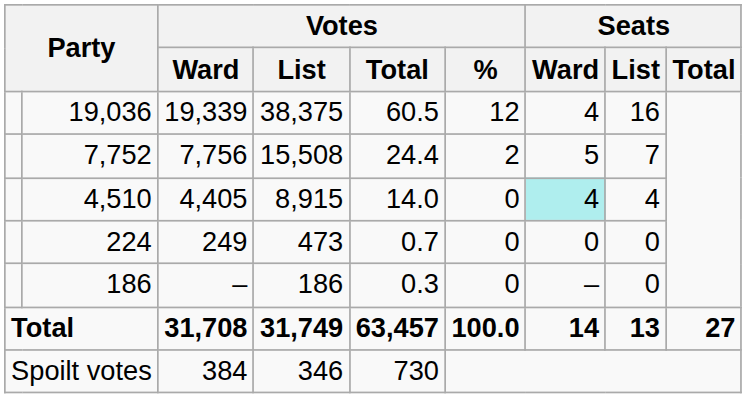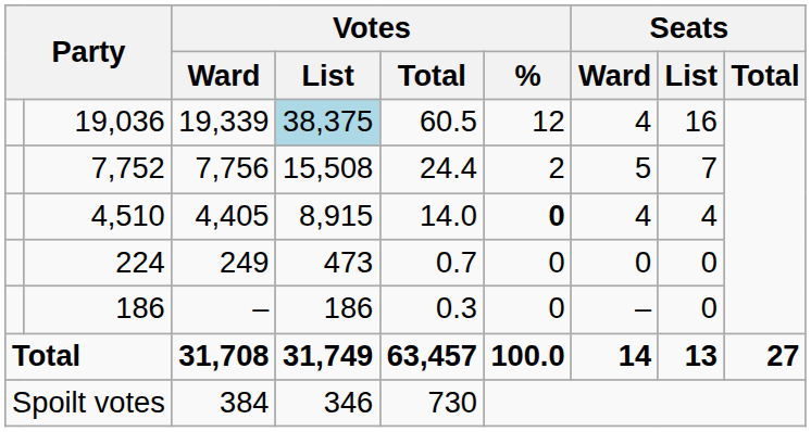 <table class=wikitable style="text-align:right">
 <tr>
 <th rowspan="2" colspan="2">Party</th>
 <th colspan="4" align="center">Votes</th>
 <th colspan="3" align="center">Seats</th>
 </tr>
 <tr>
 <th>Ward</th>
 <th>List</th>
 <th>Total</th>
 <th>%</th>
 <th>Ward</th>
 <th>List</th>
 <th>Total</th>
 </tr>
 <tr>
 <td></td>
 <td>19,036</td>
 <td>19,339</td>
-<td>38,375</td>
+<td style="background: lightblue;">38,375</td>
 <td>60.5</td>
 <td>12</td>
 <td>4</td>
 <td>16</td>
 </tr>
 <tr>
 <td></td>
 <td>7,752</td>
 <td>7,756</td>
 <td>15,508</td>
 <td>24.4</td>
 <td>2</td>
 <td>5</td>
 <td>7</td>
 </tr>
 <tr>
 <td></td>
 <td>4,510</td>
 <td>4,405</td>
 <td>8,915</td>
 <td>14.0</td>
-<td>0</td>
-<td style="background: paleturquoise;">4</td>
+<td><strong>0</strong></td>
+<td>4</td>
 <td>4</td>
 </tr>
 <tr>
 <td></td>
 <td>224</td>
 <td>249</td>
 <td>473</td>
 <td>0.7</td>
 <td>0</td>
 <td>0</td>
 <td>0</td>
 </tr>
 <tr>
 <td></td>
 <td>186</td>
 <td>–</td>
 <td>186</td>
 <td>0.3</td>
 <td>0</td>
 <td>–</td>
 <td>0</td>
 </tr>
 <tr>
 <td colspan="2" style="text-align:left"><strong>Total</strong></td>
 <td><strong>31,708</strong></td>
 <td><strong>31,749</strong></td>
 <td><strong>63,457</strong></td>
 <td><strong>100.0</strong></td>
 <td><strong>14</strong></td>
 <td><strong>13</strong></td>
 <td><strong>27</strong></td>
 </tr>
 <tr>
 <td colspan="2" style="text-align:left">Spoilt votes</td>
 <td>384</td>
 <td>346</td>
 <td>730</td>
 </tr>
 </table>
